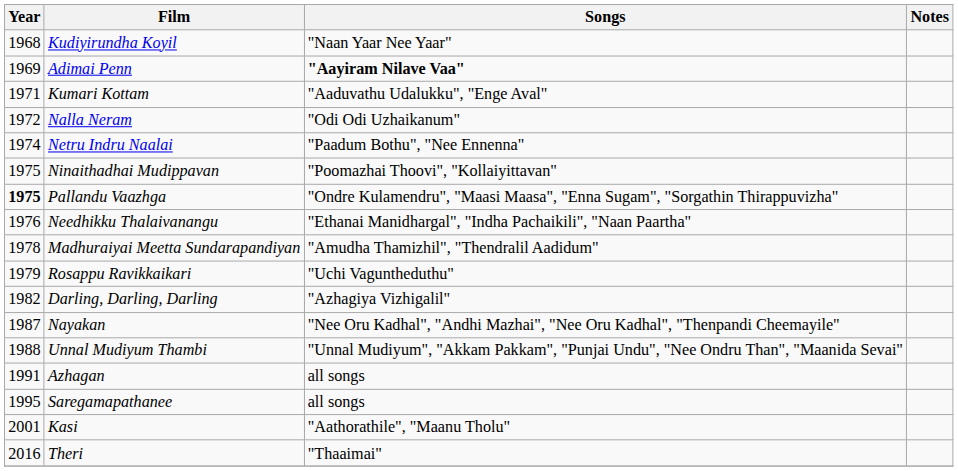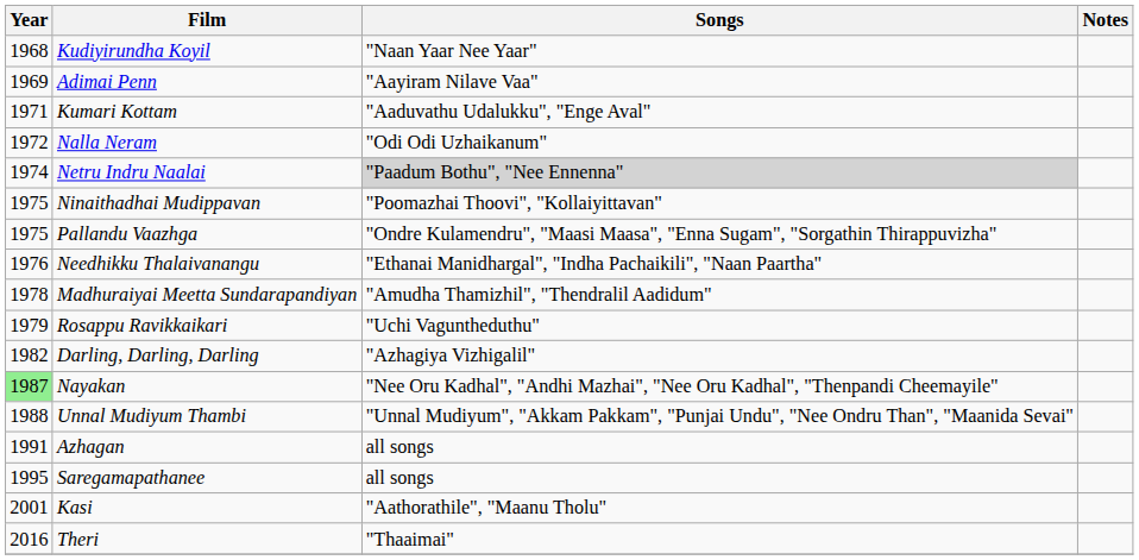 <table class="wikitable sortable">
 <tr>
 <th scope="col">Year</th>
 <th scope="col">Film</th>
 <th scope="col">Songs</th>
 <th scope="col" class="unsortable">Notes</th>
 </tr>
 <tr>
 <td>1968</td>
 <td><em><a href='#'>Kudiyirundha Koyil</a></em></td>
 <td>"Naan Yaar Nee Yaar"</td>
 <td></td>
 </tr>
 <tr>
 <td>1969</td>
 <td><em><a href='#'>Adimai Penn</a></em></td>
-<td><strong>"Aayiram Nilave Vaa"</strong></td>
+<td>"Aayiram Nilave Vaa"</td>
 <td></td>
 </tr>
 <tr>
 <td>1971</td>
 <td><em>Kumari Kottam</em></td>
 <td>"Aaduvathu Udalukku", "Enge Aval"</td>
 <td></td>
 </tr>
 <tr>
 <td>1972</td>
 <td><em><a href='#'>Nalla Neram</a></em></td>
 <td>"Odi Odi Uzhaikanum"</td>
 <td></td>
 </tr>
 <tr>
 <td>1974</td>
 <td><em><a href='#'>Netru Indru Naalai</a></em></td>
-<td>"Paadum Bothu", "Nee Ennenna"</td>
+<td style="background: lightgrey;">"Paadum Bothu", "Nee Ennenna"</td>
 <td></td>
 </tr>
 <tr>
 <td>1975</td>
 <td><em>Ninaithadhai Mudippavan</em></td>
 <td>"Poomazhai Thoovi", "Kollaiyittavan"</td>
 <td></td>
 </tr>
 <tr>
-<td><strong>1975</strong></td>
+<td>1975</td>
 <td><em>Pallandu Vaazhga</em></td>
 <td>"Ondre Kulamendru", "Maasi Maasa", "Enna Sugam", "Sorgathin Thirappuvizha"</td>
 <td></td>
 </tr>
 <tr>
 <td>1976</td>
 <td><em>Needhikku Thalaivanangu</em></td>
 <td>"Ethanai Manidhargal", "Indha Pachaikili", "Naan Paartha"</td>
 <td></td>
 </tr>
 <tr>
 <td>1978</td>
 <td><em>Madhuraiyai Meetta Sundarapandiyan</em></td>
 <td>"Amudha Thamizhil", "Thendralil Aadidum"</td>
 <td></td>
 </tr>
 <tr>
 <td>1979</td>
 <td><em>Rosappu Ravikkaikari</em></td>
 <td>"Uchi Vaguntheduthu"</td>
 <td></td>
 </tr>
 <tr>
 <td>1982</td>
 <td><em>Darling, Darling, Darling</em></td>
 <td>"Azhagiya Vizhigalil"</td>
 <td></td>
 </tr>
 <tr>
-<td>1987</td>
+<td style="background: lightgreen;">1987</td>
 <td><em>Nayakan</em></td>
 <td>"Nee Oru Kadhal", "Andhi Mazhai", "Nee Oru Kadhal", "Thenpandi Cheemayile"</td>
 </tr>
 <tr>
 <td>1988</td>
 <td><em>Unnal Mudiyum Thambi</em></td>
 <td>"Unnal Mudiyum", "Akkam Pakkam", "Punjai Undu", "Nee Ondru Than", "Maanida Sevai"</td>
 <td></td>
 </tr>
 <tr>
 <td>1991</td>
 <td><em>Azhagan</em></td>
 <td>all songs</td>
 <td></td>
 </tr>
 <tr>
 <td>1995</td>
 <td><em>Saregamapathanee</em></td>
 <td>all songs</td>
 <td></td>
 </tr>
 <tr>
 <td>2001</td>
 <td><em>Kasi</em></td>
 <td>"Aathorathile", "Maanu Tholu"</td>
 <td></td>
 </tr>
 <tr>
 <td>2016</td>
 <td><em>Theri</em></td>
 <td>"Thaaimai"</td>
 <td></td>
 </tr>
 <tr>
 </tr>
 </table>
